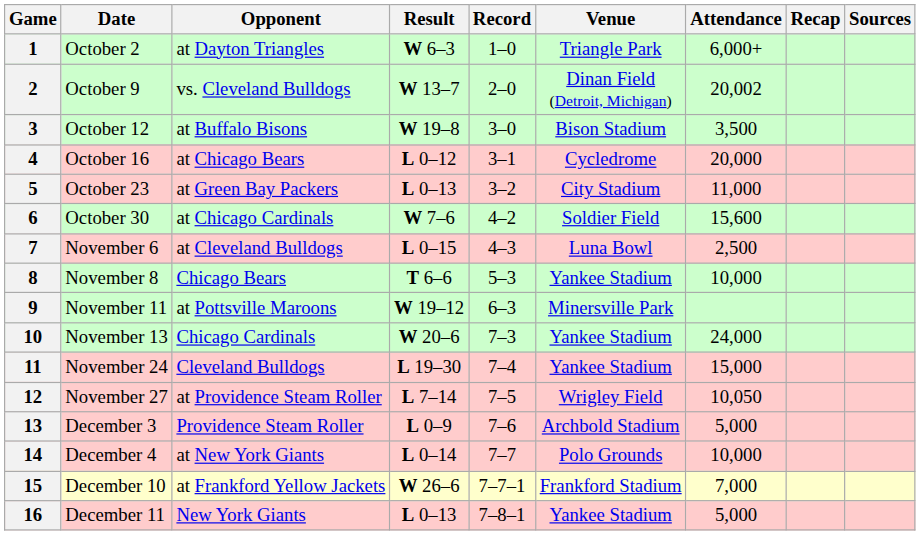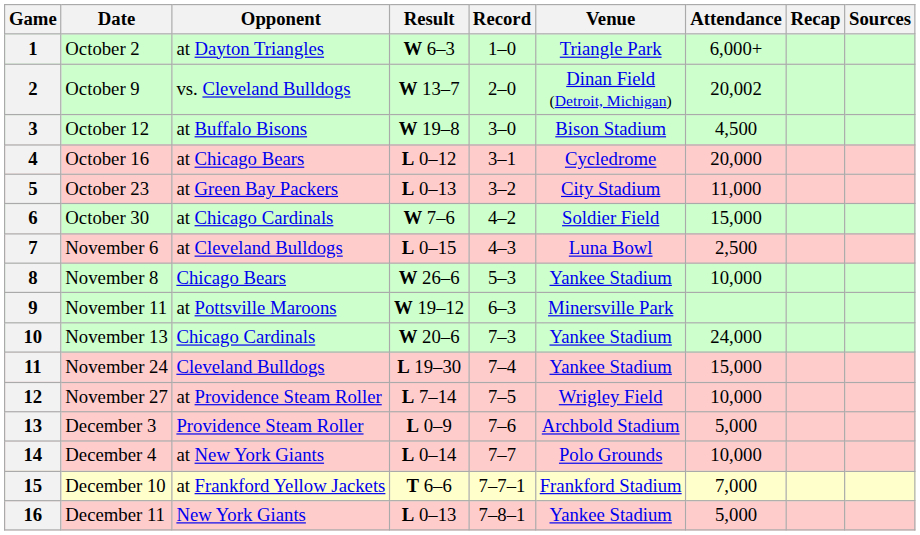 <table class="wikitable" style="text-align:center">
 <tr>
 <th>Game</th>
 <th>Date</th>
 <th>Opponent</th>
 <th>Result</th>
 <th>Record</th>
 <th>Venue</th>
 <th>Attendance</th>
 <th>Recap</th>
 <th>Sources</th>
 </tr>
 <tr style="background:#cfc">
 <th>1</th>
 <td style="text-align: left;">October 2</td>
 <td style="text-align: left;">at <a href='#'>Dayton Triangles</a></td>
 <td><strong>W</strong> 6–3</td>
 <td>1–0</td>
 <td><a href='#'>Triangle Park</a></td>
 <td>6,000+</td>
 <td></td>
 <td></td>
 </tr>
 <tr style="background:#cfc">
 <th>2</th>
 <td style="text-align: left;">October 9</td>
 <td style="text-align: left;">vs. <a href='#'>Cleveland Bulldogs</a></td>
 <td><strong>W</strong> 13–7</td>
 <td>2–0</td>
 <td><a href='#'>Dinan Field</a><br><small>(<a href='#'>Detroit, Michigan</a>)</small></td>
 <td>20,002</td>
 <td></td>
 <td></td>
 </tr>
 <tr style="background:#cfc">
 <th>3</th>
 <td style="text-align: left;">October 12</td>
 <td style="text-align: left;">at <a href='#'>Buffalo Bisons</a></td>
 <td><strong>W</strong> 19–8</td>
 <td>3–0</td>
 <td><a href='#'>Bison Stadium</a></td>
-<td>3,500</td>
+<td>4,500</td>
 <td></td>
 <td></td>
 </tr>
 <tr style="background:#fcc">
 <th>4</th>
 <td style="text-align: left;">October 16</td>
 <td style="text-align: left;">at <a href='#'>Chicago Bears</a></td>
 <td><strong>L</strong> 0–12</td>
 <td>3–1</td>
 <td><a href='#'>Cycledrome</a></td>
 <td>20,000</td>
 <td></td>
 <td></td>
 </tr>
 <tr style="background:#fcc">
 <th>5</th>
 <td style="text-align: left;">October 23</td>
 <td style="text-align: left;">at <a href='#'>Green Bay Packers</a></td>
 <td><strong>L</strong> 0–13</td>
 <td>3–2</td>
 <td><a href='#'>City Stadium</a></td>
 <td>11,000</td>
 <td></td>
 <td></td>
 </tr>
 <tr style="background:#cfc">
 <th>6</th>
 <td style="text-align: left;">October 30</td>
 <td style="text-align: left;">at <a href='#'>Chicago Cardinals</a></td>
 <td><strong>W</strong> 7–6</td>
 <td>4–2</td>
 <td><a href='#'>Soldier Field</a></td>
-<td>15,600</td>
+<td>15,000</td>
 <td></td>
 <td></td>
 </tr>
 <tr style="background:#fcc">
 <th>7</th>
 <td style="text-align: left;">November 6</td>
 <td style="text-align: left;">at <a href='#'>Cleveland Bulldogs</a></td>
 <td><strong>L</strong> 0–15</td>
 <td>4–3</td>
 <td><a href='#'>Luna Bowl</a></td>
 <td>2,500</td>
 <td></td>
 <td></td>
 </tr>
 <tr style="background:#cfc">
 <th>8</th>
 <td style="text-align: left;">November 8</td>
 <td style="text-align: left;"><a href='#'>Chicago Bears</a></td>
-<td><strong>T</strong> 6–6</td>
+<td><strong>W</strong> 26–6</td>
 <td>5–3</td>
 <td><a href='#'>Yankee Stadium</a></td>
 <td>10,000</td>
 <td></td>
 <td></td>
 </tr>
 <tr style="background:#cfc">
 <th>9</th>
 <td style="text-align: left;">November 11</td>
 <td style="text-align: left;">at <a href='#'>Pottsville Maroons</a></td>
 <td><strong>W</strong> 19–12</td>
 <td>6–3</td>
 <td><a href='#'>Minersville Park</a></td>
 <td></td>
 <td></td>
 <td></td>
 </tr>
 <tr style="background:#cfc">
 <th>10</th>
 <td style="text-align: left;">November 13</td>
 <td style="text-align: left;"><a href='#'>Chicago Cardinals</a></td>
 <td><strong>W</strong> 20–6</td>
 <td>7–3</td>
 <td><a href='#'>Yankee Stadium</a></td>
 <td>24,000 </td>
 <td></td>
 <td></td>
 </tr>
 <tr style="background:#fcc">
 <th>11</th>
 <td style="text-align: left;">November 24</td>
 <td style="text-align: left;"><a href='#'>Cleveland Bulldogs</a></td>
 <td><strong>L</strong> 19–30</td>
 <td>7–4</td>
 <td><a href='#'>Yankee Stadium</a></td>
 <td>15,000</td>
 <td></td>
 <td></td>
 </tr>
 <tr style="background:#fcc">
 <th>12</th>
 <td style="text-align: left;">November 27</td>
 <td style="text-align: left;">at <a href='#'>Providence Steam Roller</a></td>
 <td><strong>L</strong> 7–14</td>
 <td>7–5</td>
 <td><a href='#'>Wrigley Field</a></td>
-<td>10,050</td>
+<td>10,000</td>
 <td></td>
 <td></td>
 </tr>
 <tr style="background:#fcc">
 <th>13</th>
 <td style="text-align: left;">December 3</td>
 <td style="text-align: left;"><a href='#'>Providence Steam Roller</a></td>
 <td><strong>L</strong> 0–9</td>
 <td>7–6</td>
 <td><a href='#'>Archbold Stadium</a></td>
 <td>5,000</td>
 <td></td>
 <td></td>
 </tr>
 <tr style="background:#fcc">
 <th>14</th>
 <td style="text-align: left;">December 4</td>
 <td style="text-align: left;">at <a href='#'>New York Giants</a></td>
 <td><strong>L</strong> 0–14</td>
 <td>7–7</td>
 <td><a href='#'>Polo Grounds</a></td>
 <td>10,000</td>
 <td></td>
 <td></td>
 </tr>
 <tr style="background:#ffc">
 <th>15</th>
 <td style="text-align: left;">December 10</td>
 <td style="text-align: left;">at <a href='#'>Frankford Yellow Jackets</a></td>
-<td><strong>W</strong> 26–6</td>
+<td><strong>T</strong> 6–6</td>
 <td>7–7–1</td>
 <td><a href='#'>Frankford Stadium</a></td>
 <td>7,000</td>
 <td></td>
 <td></td>
 </tr>
 <tr style="background:#fcc">
 <th>16</th>
 <td style="text-align: left;">December 11</td>
 <td style="text-align: left;"><a href='#'>New York Giants</a></td>
 <td><strong>L</strong> 0–13</td>
 <td>7–8–1</td>
 <td><a href='#'>Yankee Stadium</a></td>
 <td>5,000 </td>
 <td></td>
 <td></td>
 </tr>
 </table>
